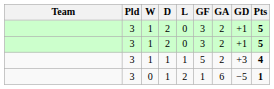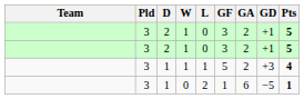 <table class="wikitable" style="text-align:center;">
 <tr>
 <th width=180>Team</th>
 <th width=20>Pld</th>
+<th width=20>D</th>
 <th width=20>W</th>
-<th width=20>D</th>
 <th width=20>L</th>
 <th width=20>GF</th>
 <th width=20>GA</th>
 <th width=20>GD</th>
 <th width=20>Pts</th>
 </tr>
 <tr align=center style="background:#ccffcc;">
 <td style="text-align:left;"></td>
 <td>3</td>
+<td>2</td>
 <td>1</td>
-<td>2</td>
 <td>0</td>
 <td>3</td>
 <td>2</td>
 <td>+1</td>
 <td><strong>5</strong></td>
 </tr>
 <tr align=center style="background:#ccffcc;">
 <td style="text-align:left;"></td>
 <td>3</td>
+<td>2</td>
 <td>1</td>
-<td>2</td>
 <td>0</td>
 <td>3</td>
 <td>2</td>
 <td>+1</td>
 <td><strong>5</strong></td>
 </tr>
 <tr align=center>
 <td style="text-align:left;"></td>
 <td>3</td>
 <td>1</td>
 <td>1</td>
 <td>1</td>
 <td>5</td>
 <td>2</td>
 <td>+3</td>
 <td><strong>4</strong></td>
 </tr>
 <tr align=center>
 <td style="text-align:left;"></td>
 <td>3</td>
+<td>1</td>
 <td>0</td>
-<td>1</td>
 <td>2</td>
 <td>1</td>
 <td>6</td>
 <td>−5</td>
 <td><strong>1</strong></td>
 </tr>
 </table>
